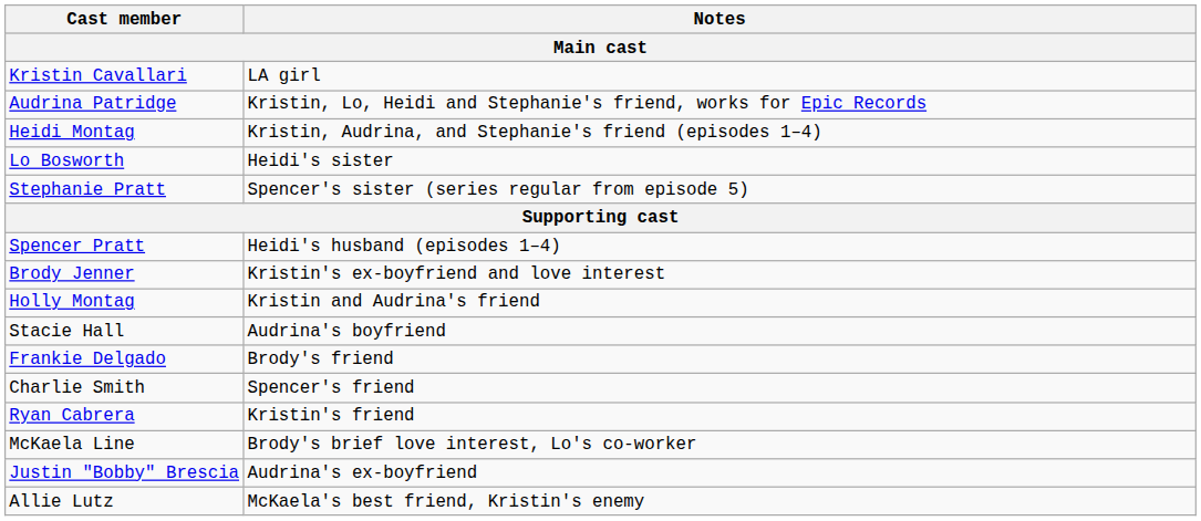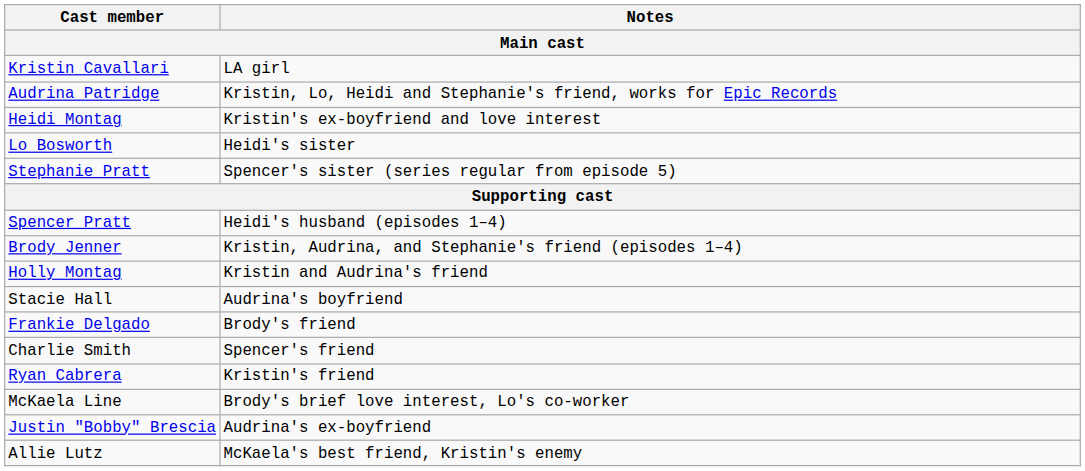 <table class="wikitable">
 <tr>
 <th>Cast member</th>
 <th width="80%">Notes</th>
 </tr>
 <tr>
 <th colspan="3">Main cast</th>
 </tr>
 <tr>
 <td><a href='#'>Kristin Cavallari</a></td>
 <td>LA girl</td>
 </tr>
 <tr>
 <td><a href='#'>Audrina Patridge</a></td>
 <td>Kristin, Lo, Heidi and Stephanie's friend, works for <a href='#'>Epic Records</a></td>
 </tr>
 <tr>
 <td><a href='#'>Heidi Montag</a></td>
-<td>Kristin, Audrina, and Stephanie's friend (episodes 1–4)</td>
+<td>Kristin's ex-boyfriend and love interest</td>
 </tr>
 <tr>
 <td><a href='#'>Lo Bosworth</a></td>
 <td>Heidi's sister</td>
 </tr>
 <tr>
 <td><a href='#'>Stephanie Pratt</a></td>
 <td>Spencer's sister (series regular from episode 5)</td>
 </tr>
 <tr>
 <th colspan="3">Supporting cast</th>
 </tr>
 <tr>
 <td><a href='#'>Spencer Pratt</a></td>
 <td>Heidi's husband (episodes 1–4)</td>
 </tr>
 <tr>
 <td><a href='#'>Brody Jenner</a></td>
-<td>Kristin's ex-boyfriend and love interest</td>
+<td>Kristin, Audrina, and Stephanie's friend (episodes 1–4)</td>
 </tr>
 <tr>
 <td><a href='#'>Holly Montag</a></td>
 <td>Kristin and Audrina's friend</td>
 </tr>
 <tr>
 <td>Stacie Hall</td>
 <td>Audrina's boyfriend</td>
 </tr>
 <tr>
 <td><a href='#'>Frankie Delgado</a></td>
 <td>Brody's friend</td>
 </tr>
 <tr>
 <td>Charlie Smith</td>
 <td>Spencer's friend</td>
 </tr>
 <tr>
 <td><a href='#'>Ryan Cabrera</a></td>
 <td>Kristin's friend</td>
 </tr>
 <tr>
 <td>McKaela Line</td>
 <td>Brody's brief love interest, Lo's co-worker</td>
 </tr>
 <tr>
 <td><a href='#'>Justin "Bobby" Brescia</a></td>
 <td>Audrina's ex-boyfriend</td>
 </tr>
 <tr>
 <td>Allie Lutz</td>
 <td>McKaela's best friend, Kristin's enemy</td>
 </tr>
 </table>
